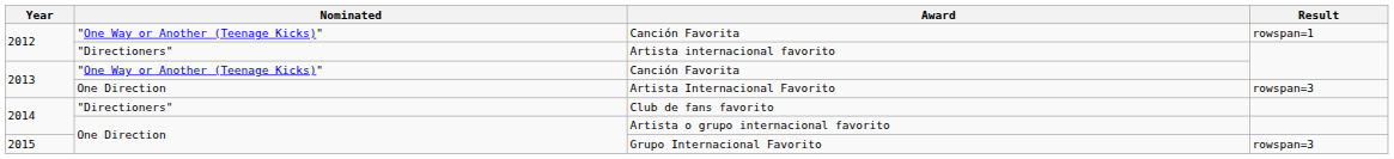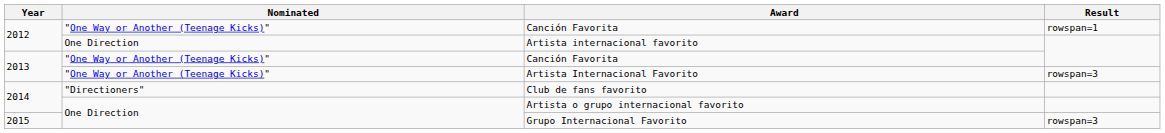 <table class="wikitable" style="width:100%;">
 <tr>
 <th width=5%>Year</th>
 <th style="width:40%;">Nominated</th>
 <th style="width:45%;">Award</th>
 <th style="width:10%;">Result</th>
 </tr>
 <tr>
 <td rowspan="2">2012</td>
 <td>"<a href='#'>One Way or Another (Teenage Kicks)</a>"</td>
 <td>Canción Favorita</td>
 <td>rowspan=1 </td>
 </tr>
 <tr>
-<td>"Directioners"</td>
+<td>One Direction</td>
 <td>Artista internacional favorito</td>
 </tr>
 <tr>
 <td rowspan="2">2013</td>
 <td>"<a href='#'>One Way or Another (Teenage Kicks)</a>"</td>
 <td>Canción Favorita</td>
 </tr>
 <tr>
-<td rowspan="1">One Direction</td>
+<td>"<a href='#'>One Way or Another (Teenage Kicks)</a>"</td>
 <td>Artista Internacional Favorito</td>
 <td>rowspan=3 </td>
 </tr>
 <tr>
 <td rowspan="2">2014</td>
 <td>"Directioners"</td>
 <td>Club de fans favorito</td>
 <td></td>
 </tr>
 <tr>
 <td rowspan="2">One Direction</td>
 <td>Artista o grupo internacional favorito</td>
 <td></td>
 </tr>
 <tr>
 <td>2015</td>
 <td>Grupo Internacional Favorito</td>
 <td>rowspan=3 </td>
 </tr>
 </table>
